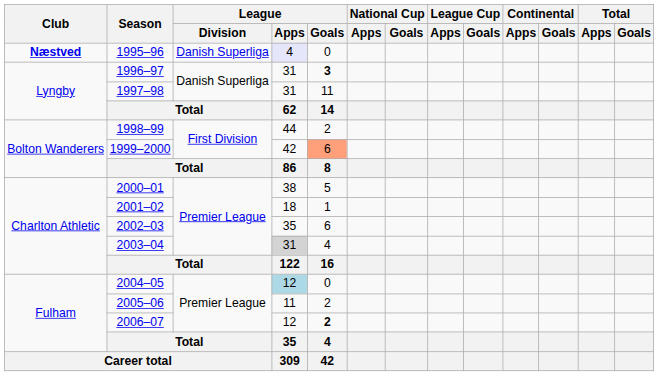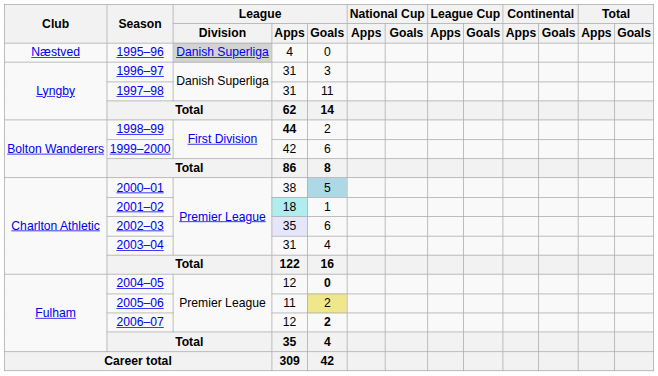 <table class="wikitable" style="text-align:center">
 <tr>
 <th rowspan="2">Club</th>
 <th rowspan="2">Season</th>
 <th colspan="3">League</th>
 <th colspan="2">National Cup</th>
 <th colspan="2">League Cup</th>
 <th colspan="2">Continental</th>
 <th colspan="2">Total</th>
 </tr>
 <tr>
 <th>Division</th>
 <th>Apps</th>
 <th>Goals</th>
 <th>Apps</th>
 <th>Goals</th>
 <th>Apps</th>
 <th>Goals</th>
 <th>Apps</th>
 <th>Goals</th>
 <th>Apps</th>
 <th>Goals</th>
 </tr>
 <tr>
-<td><strong><a href='#'>Næstved</a></strong></td>
+<td><a href='#'>Næstved</a></td>
 <td><a href='#'>1995–96</a></td>
-<td><a href='#'>Danish Superliga</a></td>
-<td style="background: lavender;">4</td>
+<td style="background: lightgrey;"><a href='#'>Danish Superliga</a></td>
+<td>4</td>
 <td>0</td>
 <td></td>
 <td></td>
 <td></td>
 <td></td>
 <td></td>
 <td></td>
 <td></td>
 <td></td>
 </tr>
 <tr>
 <td rowspan="3"><a href='#'>Lyngby</a></td>
 <td><a href='#'>1996–97</a></td>
 <td rowspan="2">Danish Superliga</td>
 <td>31</td>
-<td><strong>3</strong></td>
+<td>3</td>
 <td></td>
 <td></td>
 <td></td>
 <td></td>
 <td></td>
 <td></td>
 <td></td>
 <td></td>
 </tr>
 <tr>
 <td><a href='#'>1997–98</a></td>
 <td>31</td>
 <td>11</td>
 <td></td>
 <td></td>
 <td></td>
 <td></td>
 <td></td>
 <td></td>
 <td></td>
 <td></td>
 </tr>
 <tr>
 <th colspan="2">Total</th>
 <th>62</th>
 <th>14</th>
 <th></th>
 <th></th>
 <th></th>
 <th></th>
 <th></th>
 <th></th>
 <th></th>
 <th></th>
 </tr>
 <tr>
 <td rowspan="3"><a href='#'>Bolton Wanderers</a></td>
 <td><a href='#'>1998–99</a></td>
 <td rowspan="2"><a href='#'>First Division</a></td>
-<td>44</td>
+<td><strong>44</strong></td>
 <td>2</td>
 <td></td>
 <td></td>
 <td></td>
 <td></td>
 <td></td>
 <td></td>
 <td></td>
 <td></td>
 </tr>
 <tr>
 <td><a href='#'>1999–2000</a></td>
 <td>42</td>
-<td style="background: lightsalmon;">6</td>
+<td>6</td>
 <td></td>
 <td></td>
 <td></td>
 <td></td>
 <td></td>
 <td></td>
 <td></td>
 <td></td>
 </tr>
 <tr>
 <th colspan="2">Total</th>
 <th>86</th>
 <th>8</th>
 <th></th>
 <th></th>
 <th></th>
 <th></th>
 <th></th>
 <th></th>
 <th></th>
 <th></th>
 </tr>
 <tr>
 <td rowspan="5"><a href='#'>Charlton Athletic</a></td>
 <td><a href='#'>2000–01</a></td>
 <td rowspan="4"><a href='#'>Premier League</a></td>
 <td>38</td>
-<td>5</td>
+<td style="background: lightblue;">5</td>
 <td></td>
 <td></td>
 <td></td>
 <td></td>
 <td></td>
 <td></td>
 <td></td>
 <td></td>
 </tr>
 <tr>
 <td><a href='#'>2001–02</a></td>
-<td>18</td>
+<td style="background: paleturquoise;">18</td>
 <td>1</td>
 <td></td>
 <td></td>
 <td></td>
 <td></td>
 <td></td>
 <td></td>
 <td></td>
 <td></td>
 </tr>
 <tr>
 <td><a href='#'>2002–03</a></td>
-<td>35</td>
+<td style="background: lavender;">35</td>
 <td>6</td>
 <td></td>
 <td></td>
 <td></td>
 <td></td>
 <td></td>
 <td></td>
 <td></td>
 <td></td>
 </tr>
 <tr>
 <td><a href='#'>2003–04</a></td>
-<td style="background: lightgrey;">31</td>
+<td>31</td>
 <td>4</td>
 <td></td>
 <td></td>
 <td></td>
 <td></td>
 <td></td>
 <td></td>
 <td></td>
 <td></td>
 </tr>
 <tr>
 <th colspan="2">Total</th>
 <th>122</th>
 <th>16</th>
 <th></th>
 <th></th>
 <th></th>
 <th></th>
 <th></th>
 <th></th>
 <th></th>
 <th></th>
 </tr>
 <tr>
 <td rowspan="4"><a href='#'>Fulham</a></td>
 <td><a href='#'>2004–05</a></td>
 <td rowspan="3">Premier League</td>
-<td style="background: lightblue;">12</td>
-<td>0</td>
+<td>12</td>
+<td><strong>0</strong></td>
 <td></td>
 <td></td>
 <td></td>
 <td></td>
 <td></td>
 <td></td>
 <td></td>
 <td></td>
 </tr>
 <tr>
 <td><a href='#'>2005–06</a></td>
 <td>11</td>
-<td>2</td>
+<td style="background: khaki;">2</td>
 <td></td>
 <td></td>
 <td></td>
 <td></td>
 <td></td>
 <td></td>
 <td></td>
 <td></td>
 </tr>
 <tr>
 <td><a href='#'>2006–07</a></td>
 <td>12</td>
 <td><strong>2</strong></td>
 <td></td>
 <td></td>
 <td></td>
 <td></td>
 <td></td>
 <td></td>
 <td></td>
 <td></td>
 </tr>
 <tr>
 <th colspan="2">Total</th>
 <th>35</th>
 <th>4</th>
 <th></th>
 <th></th>
 <th></th>
 <th></th>
 <th></th>
 <th></th>
 <th></th>
 <th></th>
 </tr>
 <tr>
 <th colspan="3">Career total</th>
 <th>309</th>
 <th>42</th>
 <th></th>
 <th></th>
 <th></th>
 <th></th>
 <th></th>
 <th></th>
 <th></th>
 <th></th>
 </tr>
 </table>
